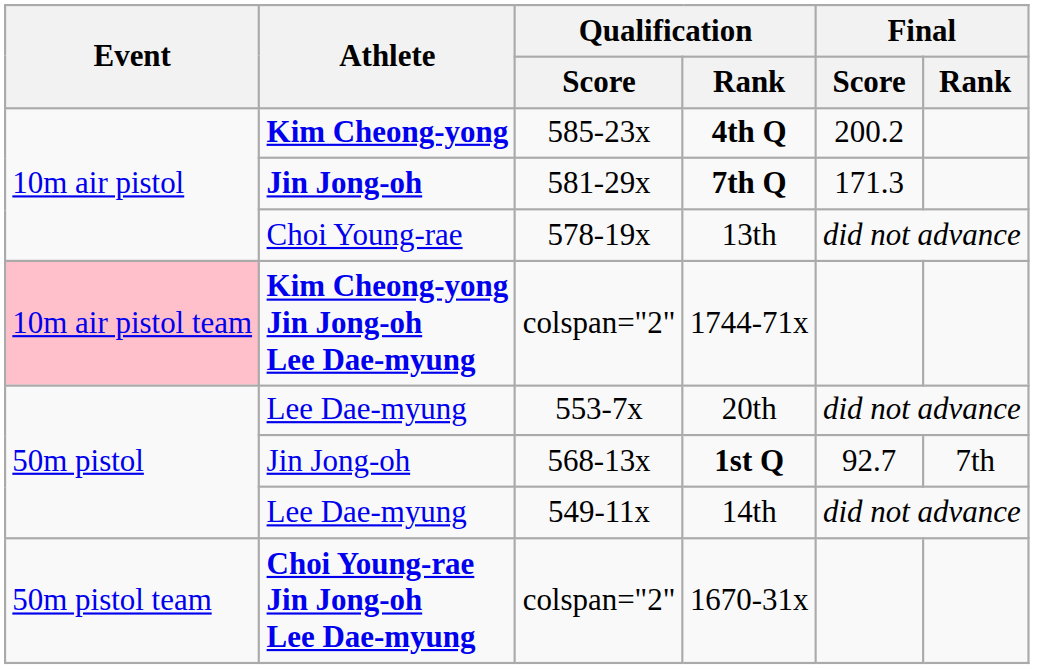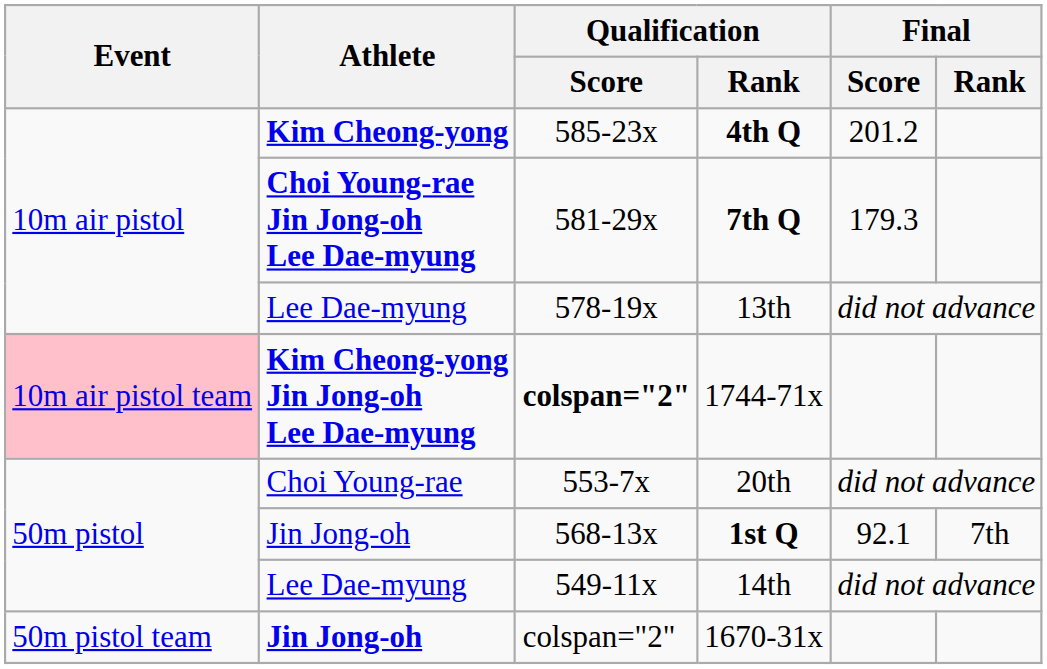 <table class="wikitable" style="font-size:90%">
 <tr>
 <th rowspan="2">Event</th>
 <th rowspan="2">Athlete</th>
 <th colspan="2">Qualification</th>
 <th colspan="2">Final</th>
 </tr>
 <tr>
 <th>Score</th>
 <th>Rank</th>
 <th>Score</th>
 <th>Rank</th>
 </tr>
 <tr>
 <td rowspan=3><a href='#'>10m air pistol</a></td>
 <td><strong><a href='#'>Kim Cheong-yong</a></strong></td>
 <td align=center>585-23x</td>
 <td align=center><strong>4th Q</strong></td>
-<td align=center>200.2</td>
+<td align=center>201.2</td>
 <td align=center></td>
 </tr>
 <tr>
-<td><strong><a href='#'>Jin Jong-oh</a></strong></td>
+<td><strong><a href='#'>Choi Young-rae</a><br><a href='#'>Jin Jong-oh</a><br><a href='#'>Lee Dae-myung</a></strong></td>
 <td align=center>581-29x</td>
 <td align=center><strong>7th Q</strong></td>
-<td align=center>171.3</td>
+<td align=center>179.3</td>
 <td align=center></td>
 </tr>
 <tr>
-<td><a href='#'>Choi Young-rae</a></td>
+<td><a href='#'>Lee Dae-myung</a></td>
 <td align=center>578-19x</td>
 <td align=center>13th</td>
 <td align=center colspan=2><em>did not advance</em></td>
 </tr>
 <tr>
 <td style="background: pink;"><a href='#'>10m air pistol team</a></td>
 <td><strong><a href='#'>Kim Cheong-yong</a><br><a href='#'>Jin Jong-oh</a><br><a href='#'>Lee Dae-myung</a></strong></td>
-<td>colspan="2" </td>
+<td><strong>colspan="2" </strong></td>
 <td align=center>1744-71x</td>
 <td align=center></td>
 </tr>
 <tr>
 <td rowspan=3><a href='#'>50m pistol</a></td>
-<td><a href='#'>Lee Dae-myung</a></td>
+<td><a href='#'>Choi Young-rae</a></td>
 <td align=center>553-7x</td>
 <td align=center>20th</td>
 <td align=center colspan=2><em>did not advance</em></td>
 </tr>
 <tr>
 <td><a href='#'>Jin Jong-oh</a></td>
 <td align=center>568-13x</td>
 <td align=center><strong>1st Q</strong></td>
-<td align=center>92.7</td>
+<td align=center>92.1</td>
 <td align=center>7th</td>
 </tr>
 <tr>
 <td><a href='#'>Lee Dae-myung</a></td>
 <td align=center>549-11x</td>
 <td align=center>14th</td>
 <td align=center colspan=2><em>did not advance</em></td>
 </tr>
 <tr>
 <td><a href='#'>50m pistol team</a></td>
-<td><strong><a href='#'>Choi Young-rae</a><br><a href='#'>Jin Jong-oh</a><br><a href='#'>Lee Dae-myung</a></strong></td>
+<td><strong><a href='#'>Jin Jong-oh</a></strong></td>
 <td>colspan="2" </td>
 <td align=center>1670-31x</td>
 <td align=center></td>
 </tr>
 </table>
